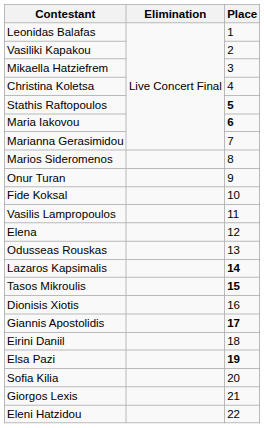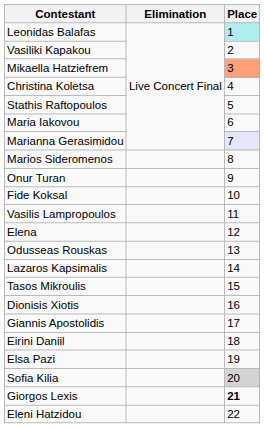 <table class="wikitable" style="font-size:90%;">
 <tr>
 <th>Contestant</th>
 <th>Elimination</th>
 <th>Place</th>
 </tr>
 <tr>
 <td>Leonidas Balafas</td>
 <td rowspan="7">Live Concert Final</td>
-<td>1</td>
+<td style="background: paleturquoise;">1</td>
 </tr>
 <tr>
 <td>Vasiliki Kapakou</td>
 <td>2</td>
 </tr>
 <tr>
 <td>Mikaella Hatziefrem</td>
-<td>3</td>
+<td style="background: lightsalmon;">3</td>
 </tr>
 <tr>
 <td>Christina Koletsa</td>
 <td>4</td>
 </tr>
 <tr>
 <td>Stathis Raftopoulos</td>
-<td><strong>5</strong></td>
+<td>5</td>
 </tr>
 <tr>
 <td>Maria Iakovou</td>
-<td><strong>6</strong></td>
+<td>6</td>
 </tr>
 <tr>
 <td>Marianna Gerasimidou</td>
-<td>7</td>
+<td style="background: lavender;">7</td>
 </tr>
 <tr>
 <td>Marios Sideromenos</td>
 <td></td>
 <td>8</td>
 </tr>
 <tr>
 <td>Onur Turan</td>
 <td></td>
 <td>9</td>
 </tr>
 <tr>
 <td>Fide Koksal</td>
 <td></td>
 <td>10</td>
 </tr>
 <tr>
 <td>Vasilis Lampropoulos</td>
 <td></td>
 <td>11</td>
 </tr>
 <tr>
 <td>Elena</td>
 <td></td>
 <td>12</td>
 </tr>
 <tr>
 <td>Odusseas Rouskas</td>
 <td></td>
 <td>13</td>
 </tr>
 <tr>
 <td>Lazaros Kapsimalis</td>
 <td></td>
-<td><strong>14</strong></td>
+<td>14</td>
 </tr>
 <tr>
 <td>Tasos Mikroulis</td>
 <td></td>
-<td><strong>15</strong></td>
+<td>15</td>
 </tr>
 <tr>
 <td>Dionisis Xiotis</td>
 <td></td>
 <td>16</td>
 </tr>
 <tr>
 <td>Giannis Apostolidis</td>
 <td></td>
-<td><strong>17</strong></td>
+<td>17</td>
 </tr>
 <tr>
 <td>Eirini Daniil</td>
 <td></td>
 <td>18</td>
 </tr>
 <tr>
 <td>Elsa Pazi</td>
 <td></td>
-<td><strong>19</strong></td>
+<td>19</td>
 </tr>
 <tr>
 <td>Sofia Kilia</td>
 <td></td>
-<td>20</td>
+<td style="background: lightgrey;">20</td>
 </tr>
 <tr>
 <td>Giorgos Lexis</td>
 <td></td>
-<td>21</td>
+<td><strong>21</strong></td>
 </tr>
 <tr>
 <td>Eleni Hatzidou</td>
 <td></td>
 <td>22</td>
 </tr>
 </table>
